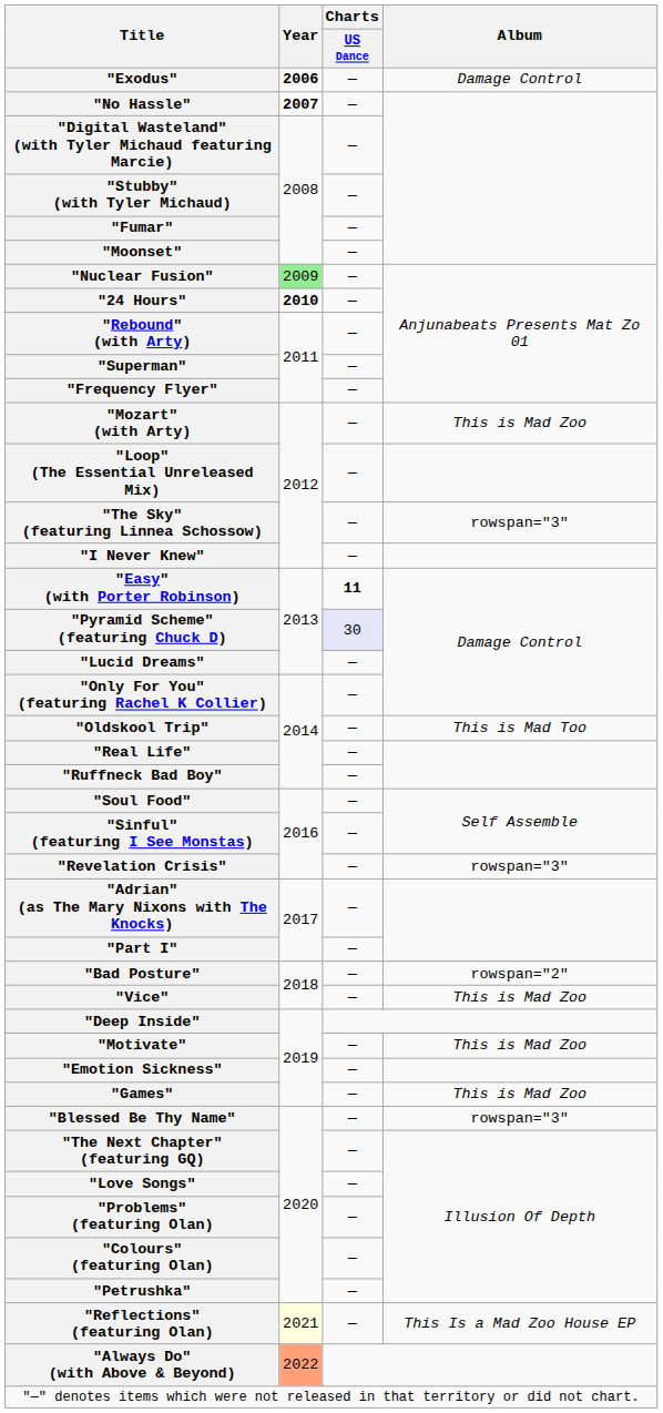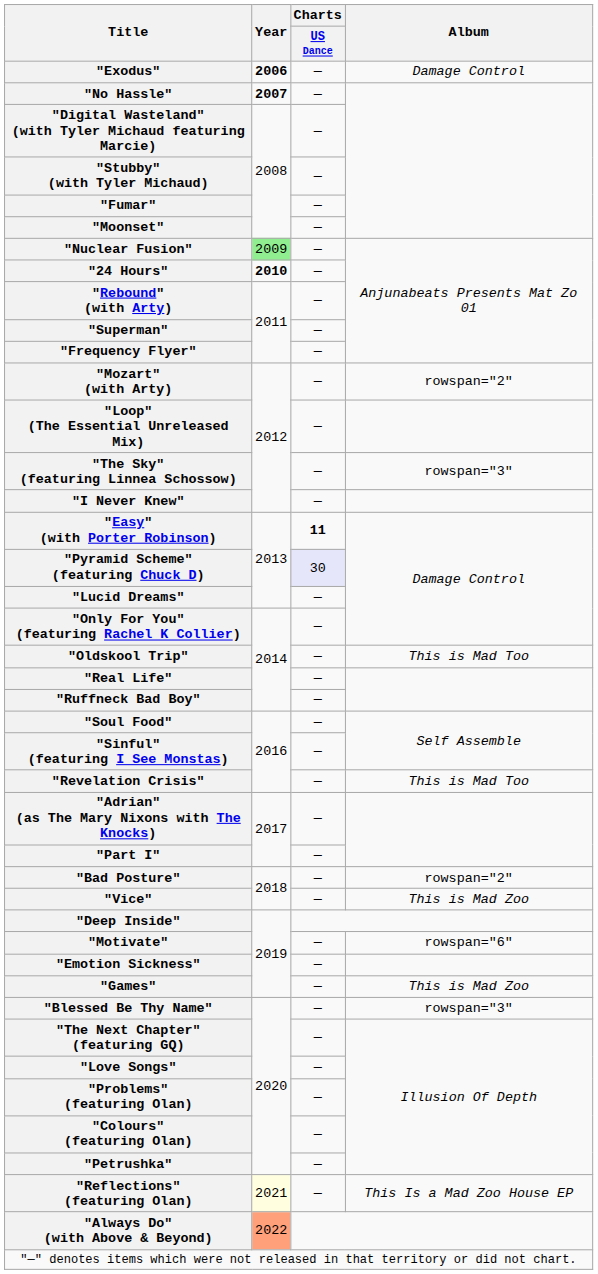 <table class="wikitable plainrowheaders" style="text-align:center;">
 <tr>
 <th scope="col" rowspan="2" style="width:18em;">Title</th>
 <th scope="col" rowspan="2">Year</th>
 <th scope="col" colspan="1">Charts</th>
 <th scope="col" rowspan="2" style="width:18em;">Album</th>
 </tr>
 <tr>
 <th scope="col" style="width:3em;font-size:90%;"><a href='#'>US<br><small>Dance</small></a><br></th>
 </tr>
 <tr>
 <th scope="row">"Exodus"</th>
 <td><strong>2006</strong></td>
 <td>—</td>
 <td><em>Damage Control</em></td>
 </tr>
 <tr>
 <th scope="row">"No Hassle"</th>
 <td><strong>2007</strong></td>
 <td>—</td>
 </tr>
 <tr>
 <th scope="row">"Digital Wasteland" <br><span>(with Tyler Michaud featuring Marcie)</span></th>
 <td rowspan="4">2008</td>
 <td>—</td>
 </tr>
 <tr>
 <th scope="row">"Stubby" <br><span>(with Tyler Michaud)</span></th>
 <td>—</td>
 </tr>
 <tr>
 <th scope="row">"Fumar"</th>
 <td>—</td>
 </tr>
 <tr>
 <th scope="row">"Moonset"</th>
 <td>—</td>
 </tr>
 <tr>
 <th scope="row">"Nuclear Fusion"</th>
 <td style="background: lightgreen;">2009</td>
 <td>—</td>
 <td rowspan="5"><em>Anjunabeats Presents Mat Zo 01</em></td>
 </tr>
 <tr>
 <th scope="row">"24 Hours"</th>
 <td><strong>2010</strong></td>
 <td>—</td>
 </tr>
 <tr>
 <th scope="row">"<a href='#'>Rebound</a>" <br><span>(with <a href='#'>Arty</a>)</span></th>
 <td rowspan="3">2011</td>
 <td>—</td>
 </tr>
 <tr>
 <th scope="row">"Superman"</th>
 <td>—</td>
 </tr>
 <tr>
 <th scope="row">"Frequency Flyer"</th>
 <td>—</td>
 </tr>
 <tr>
 <th scope="row">"Mozart" <br><span>(with Arty)</span></th>
 <td rowspan="4">2012</td>
 <td>—</td>
-<td><em>This is Mad Zoo</em></td>
+<td>rowspan="2" </td>
 </tr>
 <tr>
 <th scope="row">"Loop" <br><span>(The Essential Unreleased Mix)</span></th>
 <td>—</td>
 </tr>
 <tr>
 <th scope="row">"The Sky" <br><span>(featuring Linnea Schossow)</span></th>
 <td>—</td>
 <td>rowspan="3" </td>
 </tr>
 <tr>
 <th scope="row">"I Never Knew"</th>
 <td>—</td>
 <td></td>
 </tr>
 <tr>
 <th scope="row">"<a href='#'>Easy</a>" <br><span>(with <a href='#'>Porter Robinson</a>)</span></th>
 <td rowspan="3">2013</td>
 <td><strong>11</strong></td>
 <td rowspan="4"><em>Damage Control</em></td>
 </tr>
 <tr>
 <th scope="row">"Pyramid Scheme" <br><span>(featuring <a href='#'>Chuck D</a>)</span></th>
 <td style="background: lavender;">30</td>
 </tr>
 <tr>
 <th scope="row">"Lucid Dreams"</th>
 <td>—</td>
 </tr>
 <tr>
 <th scope="row">"Only For You" <br><span>(featuring <a href='#'>Rachel K Collier</a>)</span></th>
 <td rowspan="4">2014</td>
 <td>—</td>
 </tr>
 <tr>
 <th scope="row">"Oldskool Trip"</th>
 <td>—</td>
 <td><em>This is Mad Too</em></td>
 </tr>
 <tr>
 <th scope="row">"Real Life"</th>
 <td>—</td>
 </tr>
 <tr>
 <th scope="row">"Ruffneck Bad Boy"</th>
 <td>—</td>
 </tr>
 <tr>
 <th scope="row">"Soul Food"</th>
 <td rowspan="3">2016</td>
 <td>—</td>
 <td rowspan="2"><em>Self Assemble</em></td>
 </tr>
 <tr>
 <th scope="row">"Sinful" <br><span>(featuring <a href='#'>I See Monstas</a>)</span></th>
 <td>—</td>
 </tr>
 <tr>
 <th scope="row">"Revelation Crisis"</th>
 <td>—</td>
-<td>rowspan="3" </td>
+<td><em>This is Mad Too</em></td>
 </tr>
 <tr>
 <th scope="row">"Adrian" <br><span>(as The Mary Nixons with <a href='#'>The Knocks</a>)</span></th>
 <td rowspan="2">2017</td>
 <td>—</td>
 </tr>
 <tr>
 <th scope="row">"Part I"</th>
 <td>—</td>
 </tr>
 <tr>
 <th scope="row">"Bad Posture"</th>
 <td rowspan="2">2018</td>
 <td>—</td>
 <td>rowspan="2" </td>
 </tr>
 <tr>
 <th scope="row">"Vice"</th>
 <td>—</td>
 <td><em>This is Mad Zoo</em></td>
 </tr>
 <tr>
 <th scope="row">"Deep Inside"</th>
 <td rowspan="4">2019</td>
 </tr>
 <tr>
 <th scope="row">"Motivate"</th>
 <td>—</td>
-<td><em>This is Mad Zoo</em></td>
+<td>rowspan="6" </td>
 </tr>
 <tr>
 <th scope="row">"Emotion Sickness"</th>
 <td>—</td>
 <td></td>
 </tr>
 <tr>
 <th scope="row">"Games"</th>
 <td>—</td>
 <td><em>This is Mad Zoo</em></td>
 </tr>
 <tr>
 <th scope="row">"Blessed Be Thy Name"</th>
 <td rowspan="6">2020</td>
 <td>—</td>
 <td>rowspan="3" </td>
 </tr>
 <tr>
 <th scope="row">"The Next Chapter" <br><span>(featuring GQ)</span></th>
 <td>—</td>
 <td rowspan="5"><em>Illusion Of Depth</em></td>
 </tr>
 <tr>
 <th scope="row">"Love Songs"</th>
 <td>—</td>
 </tr>
 <tr>
 <th scope="row">"Problems" <br><span>(featuring Olan)</span></th>
 <td>—</td>
 </tr>
 <tr>
 <th scope="row">"Colours" <br><span>(featuring Olan)</span></th>
 <td>—</td>
 </tr>
 <tr>
 <th scope="row">"Petrushka"</th>
 <td>—</td>
 </tr>
 <tr>
 <th scope="row">"Reflections" <br><span>(featuring Olan)</span></th>
 <td style="background: lightyellow;">2021</td>
 <td>—</td>
 <td><em>This Is a Mad Zoo House EP</em></td>
 </tr>
 <tr>
 <th scope="row">"Always Do" <br><span>(with Above & Beyond)</span></th>
 <td style="background: lightsalmon;">2022</td>
 </tr>
 <tr>
 <td colspan="6" style="text-align:center; font-size:90%;">"—" denotes items which were not released in that territory or did not chart.</td>
 </tr>
 </table>
